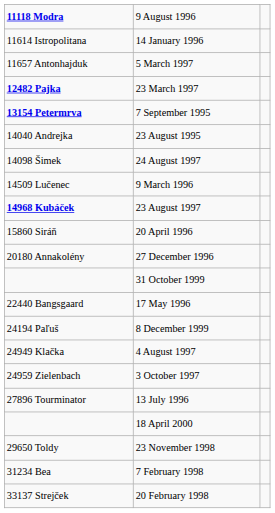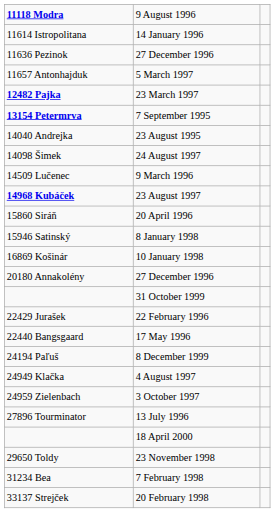 <table class="wikitable" style="font-size: 89%; float: left; width: 26em; margin-right: 1em; height: 700px;">
 <tr>
 <td><strong><a href='#'>11118 Modra</a></strong></td>
 <td>9 August 1996</td>
 <td> </td>
 </tr>
 <tr>
 <td>11614 Istropolitana</td>
 <td>14 January 1996</td>
+<td> </td>
+</tr>
+<tr>
+<td>11636 Pezinok</td>
+<td>27 December 1996</td>
 <td> </td>
 </tr>
 <tr>
 <td>11657 Antonhajduk</td>
 <td>5 March 1997</td>
 <td> </td>
 </tr>
 <tr>
 <td><strong><a href='#'>12482 Pajka</a></strong></td>
 <td>23 March 1997</td>
 <td> </td>
 </tr>
 <tr>
 <td><strong><a href='#'>13154 Petermrva</a></strong></td>
 <td>7 September 1995</td>
 <td> </td>
 </tr>
 <tr>
 <td>14040 Andrejka</td>
 <td>23 August 1995</td>
 <td> </td>
 </tr>
 <tr>
 <td>14098 Šimek</td>
 <td>24 August 1997</td>
 <td> </td>
 </tr>
 <tr>
 <td>14509 Lučenec</td>
 <td>9 March 1996</td>
 <td> </td>
 </tr>
 <tr>
 <td><strong><a href='#'>14968 Kubáček</a></strong></td>
 <td>23 August 1997</td>
 <td> </td>
 </tr>
 <tr>
 <td>15860 Siráň</td>
 <td>20 April 1996</td>
 <td> </td>
 </tr>
 <tr>
+<td>15946 Satinský</td>
+<td>8 January 1998</td>
+<td> </td>
+</tr>
+<tr>
+<td>16869 Košinár</td>
+<td>10 January 1998</td>
+<td> </td>
+</tr>
+<tr>
 <td>20180 Annakolény</td>
 <td>27 December 1996</td>
 <td> </td>
 </tr>
 <tr>
 <td></td>
 <td>31 October 1999</td>
+<td> </td>
+</tr>
+<tr>
+<td>22429 Jurašek</td>
+<td>22 February 1996</td>
 <td> </td>
 </tr>
 <tr>
 <td>22440 Bangsgaard</td>
 <td>17 May 1996</td>
 <td> </td>
 </tr>
 <tr>
 <td>24194 Paľuš</td>
 <td>8 December 1999</td>
 <td> </td>
 </tr>
 <tr>
 <td>24949 Klačka</td>
 <td>4 August 1997</td>
 <td> </td>
 </tr>
 <tr>
 <td>24959 Zielenbach</td>
 <td>3 October 1997</td>
 <td> </td>
 </tr>
 <tr>
 <td>27896 Tourminator</td>
 <td>13 July 1996</td>
 <td> </td>
 </tr>
 <tr>
 <td></td>
 <td>18 April 2000</td>
 <td> </td>
 </tr>
 <tr>
 <td>29650 Toldy</td>
 <td>23 November 1998</td>
 <td> </td>
 </tr>
 <tr>
 <td>31234 Bea</td>
 <td>7 February 1998</td>
 <td> </td>
 </tr>
 <tr>
 <td>33137 Strejček</td>
 <td>20 February 1998</td>
 <td> </td>
 </tr>
 </table>
